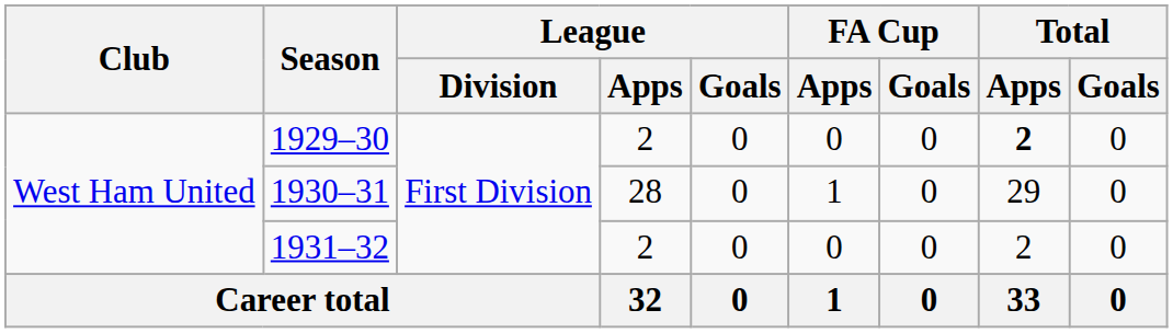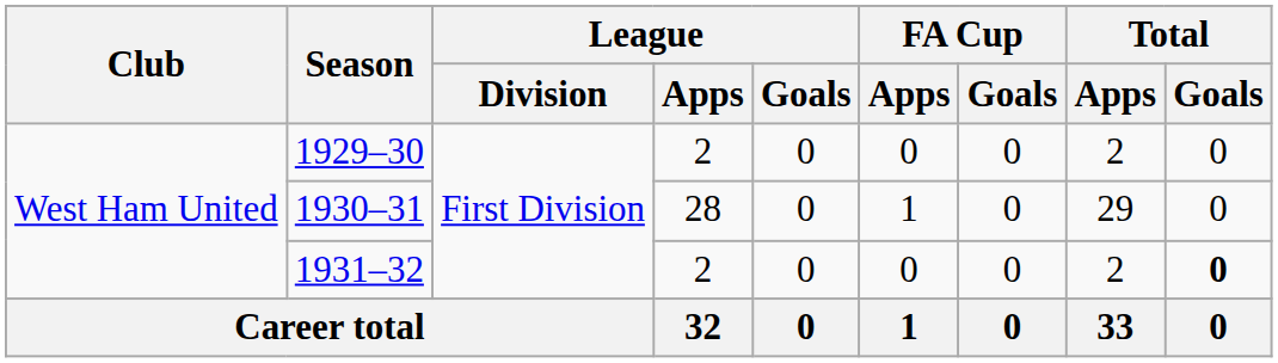 <table class="wikitable" style="text-align:center">
 <tr>
 <th rowspan="2">Club</th>
 <th rowspan="2">Season</th>
 <th colspan="3">League</th>
 <th colspan="2">FA Cup</th>
 <th colspan="2">Total</th>
 </tr>
 <tr>
 <th>Division</th>
 <th>Apps</th>
 <th>Goals</th>
 <th>Apps</th>
 <th>Goals</th>
 <th>Apps</th>
 <th>Goals</th>
 </tr>
 <tr>
 <td rowspan="3"><a href='#'>West Ham United</a></td>
 <td><a href='#'>1929–30</a></td>
 <td rowspan="3"><a href='#'>First Division</a></td>
 <td>2</td>
 <td>0</td>
 <td>0</td>
 <td>0</td>
-<td><strong>2</strong></td>
+<td>2</td>
 <td>0</td>
 </tr>
 <tr>
 <td><a href='#'>1930–31</a></td>
 <td>28</td>
 <td>0</td>
 <td>1</td>
 <td>0</td>
 <td>29</td>
 <td>0</td>
 </tr>
 <tr>
 <td><a href='#'>1931–32</a></td>
 <td>2</td>
 <td>0</td>
 <td>0</td>
 <td>0</td>
 <td>2</td>
-<td>0</td>
+<td><strong>0</strong></td>
 </tr>
 <tr>
 <th colspan="3">Career total</th>
 <th>32</th>
 <th>0</th>
 <th>1</th>
 <th>0</th>
 <th>33</th>
 <th>0</th>
 </tr>
 </table>
